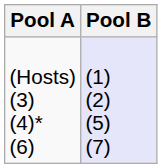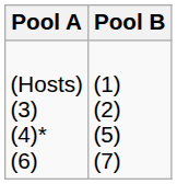 <table class="wikitable">
 <tr>
 <th width=50%>Pool A</th>
 <th width=50%>Pool B</th>
 </tr>
 <tr>
 <td><br> (Hosts)<br>  (3)<br>  (4)*<br>  (6)</td>
-<td style="background: lavender;"><br> (1)<br>  (2)<br>  (5)<br>  (7)</td>
+<td><br> (1)<br>  (2)<br>  (5)<br>  (7)</td>
 </tr>
 </table>
